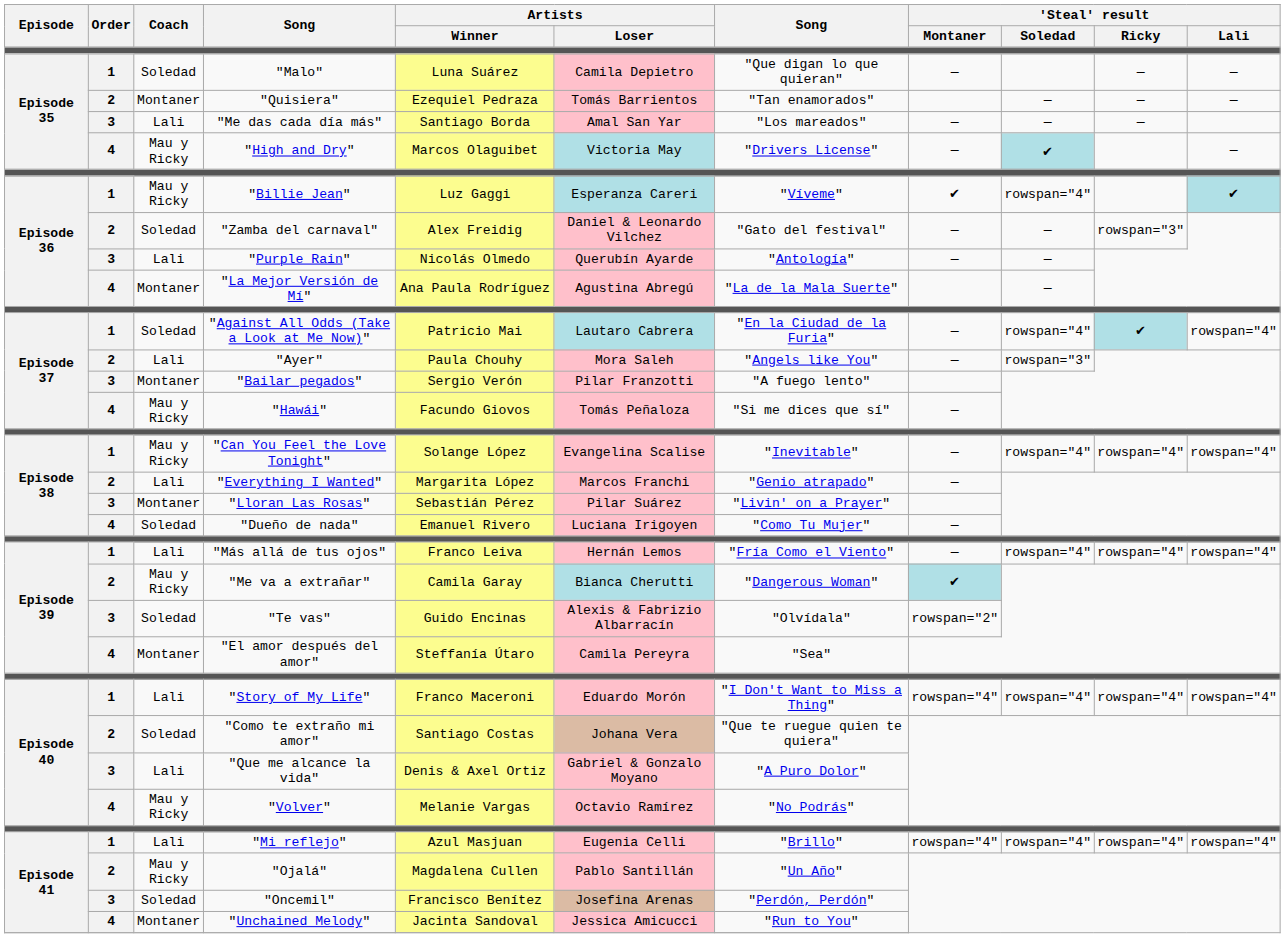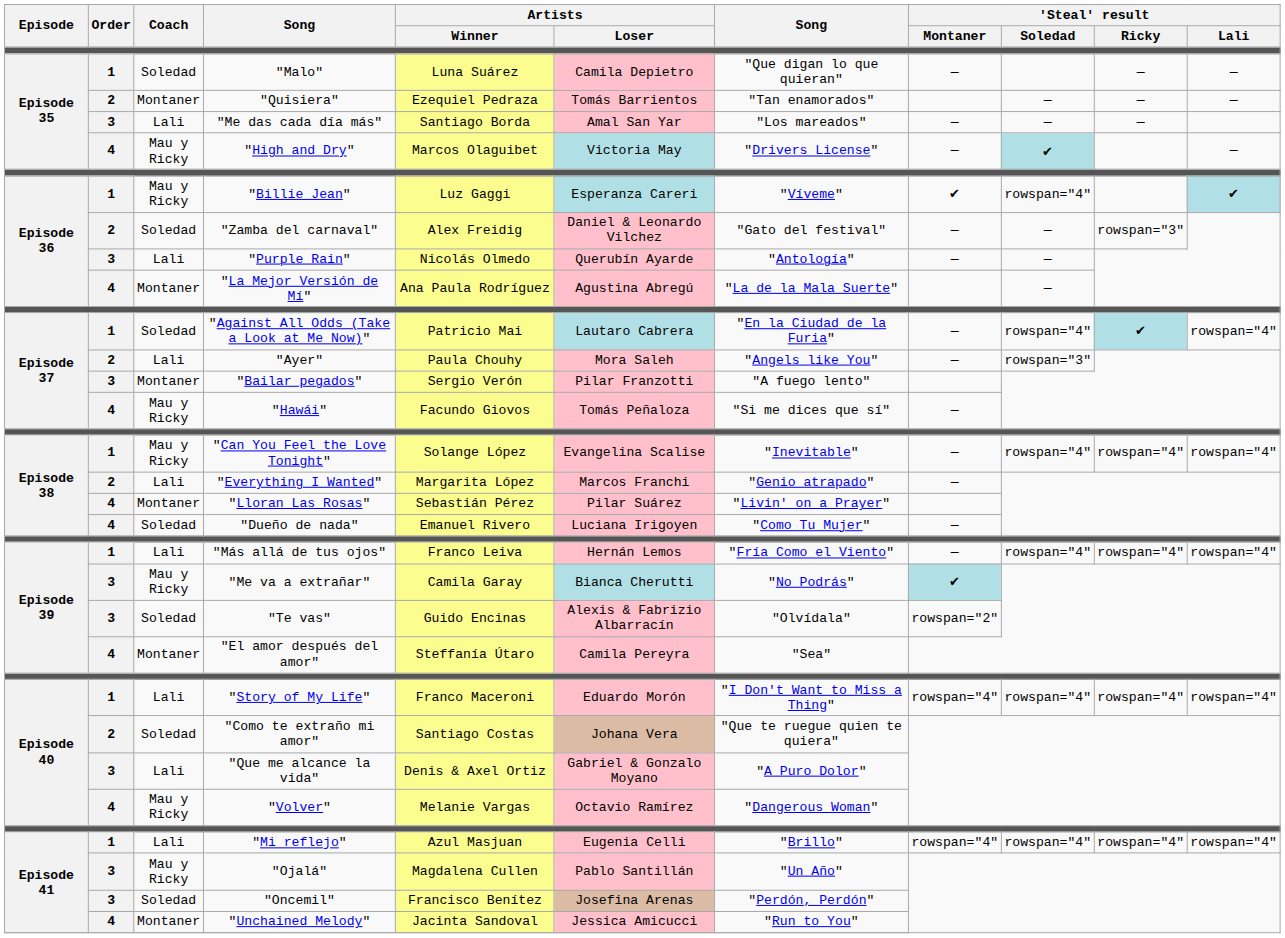 <table class="wikitable" style="text-align: center; width:100%">
 <tr>
 <th rowspan="2" style="width:07%">Episode</th>
 <th rowspan="2" style="width:03%">Order</th>
 <th rowspan="2" style="width:05%">Coach</th>
 <th rowspan="2" style="width:17%">Song</th>
 <th colspan="2" style="width:28%">Artists</th>
 <th rowspan="2" style="width:17%">Song</th>
 <th colspan="4" style="width:16%">'Steal' result</th>
 </tr>
 <tr>
 <th style="width:14%">Winner</th>
 <th style="width:14%">Loser</th>
 <th style="width:04%">Montaner</th>
 <th style="width:04%">Soledad</th>
 <th style="width:04%"> Ricky</th>
 <th style="width:04%">Lali</th>
 </tr>
 <tr>
 <td colspan="11" style="background:#555"></td>
 </tr>
 <tr>
 <th rowspan="4">Episode 35<br></th>
 <th>1</th>
 <td>Soledad</td>
 <td>"Malo"</td>
 <td style="background:#FCFD8F">Luna Suárez</td>
 <td style="background:pink">Camila Depietro</td>
 <td>"Que digan lo que quieran"</td>
 <td>—</td>
 <td></td>
 <td>—</td>
 <td>—</td>
 </tr>
 <tr>
 <th>2</th>
 <td>Montaner</td>
 <td>"Quisiera"</td>
 <td style="background:#FCFD8F">Ezequiel Pedraza</td>
 <td style="background:pink">Tomás Barrientos</td>
 <td>"Tan enamorados"</td>
 <td></td>
 <td>—</td>
 <td>—</td>
 <td>—</td>
 </tr>
 <tr>
 <th>3</th>
 <td>Lali</td>
 <td>"Me das cada día más"</td>
 <td style="background:#FCFD8F">Santiago Borda</td>
 <td style="background:pink">Amal San Yar</td>
 <td>"Los mareados"</td>
 <td>—</td>
 <td>—</td>
 <td>—</td>
 <td></td>
 </tr>
 <tr>
 <th>4</th>
 <td>Mau y Ricky</td>
 <td>"<a href='#'>High and Dry</a>"</td>
 <td style="background:#FCFD8F">Marcos Olaguibet</td>
 <td style="background:#b0e0e6">Victoria May</td>
 <td>"<a href='#'>Drivers License</a>"</td>
 <td>—</td>
 <td style="background:#b0e0e6">✔</td>
 <td></td>
 <td>—</td>
 </tr>
 <tr>
 <td colspan="11" style="background:#555"></td>
 </tr>
 <tr>
 <th rowspan="4">Episode 36<br> </th>
 <th>1</th>
 <td>Mau y Ricky</td>
 <td>"<a href='#'>Billie Jean</a>"</td>
 <td style="background:#FCFD8F">Luz Gaggi</td>
 <td style="background:#b0e0e6">Esperanza Careri</td>
 <td>"<a href='#'>Víveme</a>"</td>
 <td>✔</td>
 <td>rowspan="4" </td>
 <td></td>
 <td style="background:#b0e0e6">✔</td>
 </tr>
 <tr>
 <th>2</th>
 <td>Soledad</td>
 <td>"Zamba del carnaval"</td>
 <td style="background:#FCFD8F">Alex Freidig</td>
 <td style="background:pink">Daniel & Leonardo Vilchez</td>
 <td>"Gato del festival"</td>
 <td>—</td>
 <td>—</td>
 <td>rowspan="3" </td>
 </tr>
 <tr>
 <th>3</th>
 <td>Lali</td>
 <td>"<a href='#'>Purple Rain</a>"</td>
 <td style="background:#FCFD8F">Nicolás Olmedo</td>
 <td style="background:pink">Querubín Ayarde</td>
 <td>"<a href='#'>Antología</a>"</td>
 <td>—</td>
 <td>—</td>
 </tr>
 <tr>
 <th>4</th>
 <td>Montaner</td>
 <td>"<a href='#'>La Mejor Versión de Mí</a>"</td>
 <td style="background:#FCFD8F">Ana Paula Rodríguez</td>
 <td style="background:pink">Agustina Abregú</td>
 <td>"<a href='#'>La de la Mala Suerte</a>"</td>
 <td></td>
 <td>—</td>
 </tr>
 <tr>
 <td colspan="11" style="background:#555"></td>
 </tr>
 <tr>
 <th rowspan="4">Episode 37<br> </th>
 <th>1</th>
 <td>Soledad</td>
 <td>"<a href='#'>Against All Odds (Take a Look at Me Now)</a>"</td>
 <td style="background:#FCFD8F">Patricio Mai</td>
 <td style="background:#b0e0e6">Lautaro Cabrera</td>
 <td>"<a href='#'>En la Ciudad de la Furia</a>"</td>
 <td>—</td>
 <td>rowspan="4" </td>
 <td style="background:#b0e0e6">✔</td>
 <td>rowspan="4" </td>
 </tr>
 <tr>
 <th>2</th>
 <td>Lali</td>
 <td>"Ayer"</td>
 <td style="background:#FCFD8F">Paula Chouhy</td>
 <td style="background:pink">Mora Saleh</td>
 <td>"<a href='#'>Angels like You</a>"</td>
 <td>—</td>
 <td>rowspan="3" </td>
 </tr>
 <tr>
 <th>3</th>
 <td>Montaner</td>
 <td>"<a href='#'>Bailar pegados</a>"</td>
 <td style="background:#FCFD8F">Sergio Verón</td>
 <td style="background:pink">Pilar Franzotti</td>
 <td>"A fuego lento"</td>
 <td></td>
 </tr>
 <tr>
 <th>4</th>
 <td>Mau y Ricky</td>
 <td>"<a href='#'>Hawái</a>"</td>
 <td style="background:#FCFD8F">Facundo Giovos</td>
 <td style="background:pink">Tomás Peñaloza</td>
 <td>"Si me dices que sí"</td>
 <td>—</td>
 </tr>
 <tr>
 <td colspan="11" style="background:#555"></td>
 </tr>
 <tr>
 <th rowspan="4">Episode 38<br> </th>
 <th>1</th>
 <td>Mau y Ricky</td>
 <td>"<a href='#'>Can You Feel the Love Tonight</a>"</td>
 <td style="background:#FCFD8F">Solange López</td>
 <td style="background:pink">Evangelina Scalise</td>
 <td>"<a href='#'>Inevitable</a>"</td>
 <td>—</td>
 <td>rowspan="4" </td>
 <td>rowspan="4" </td>
 <td>rowspan="4" </td>
 </tr>
 <tr>
 <th>2</th>
 <td>Lali</td>
 <td>"<a href='#'>Everything I Wanted</a>"</td>
 <td style="background:#FCFD8F">Margarita López</td>
 <td style="background:pink">Marcos Franchi</td>
 <td>"<a href='#'>Genio atrapado</a>"</td>
 <td>—</td>
 </tr>
 <tr>
-<th>3</th>
+<th>4</th>
 <td>Montaner</td>
 <td>"<a href='#'>Lloran Las Rosas</a>"</td>
 <td style="background:#FCFD8F">Sebastián Pérez</td>
 <td style="background:pink">Pilar Suárez</td>
 <td>"<a href='#'>Livin' on a Prayer</a>"</td>
 <td></td>
 </tr>
 <tr>
 <th>4</th>
 <td>Soledad</td>
 <td>"Dueño de nada"</td>
 <td style="background:#FCFD8F">Emanuel Rivero</td>
 <td style="background:pink">Luciana Irigoyen</td>
 <td>"<a href='#'>Como Tu Mujer</a>"</td>
 <td>—</td>
 </tr>
 <tr>
 <td colspan="11" style="background:#555"></td>
 </tr>
 <tr>
 <th rowspan="4">Episode 39<br> </th>
 <th>1</th>
 <td>Lali</td>
 <td>"Más allá de tus ojos"</td>
 <td style="background:#FCFD8F">Franco Leiva</td>
 <td style="background:pink">Hernán Lemos</td>
 <td>"<a href='#'>Fría Como el Viento</a>"</td>
 <td>—</td>
 <td>rowspan="4" </td>
 <td>rowspan="4" </td>
 <td>rowspan="4" </td>
 </tr>
 <tr>
-<th>2</th>
+<th>3</th>
 <td>Mau y Ricky</td>
 <td>"Me va a extrañar"</td>
 <td style="background:#FCFD8F">Camila Garay</td>
 <td style="background:#b0e0e6">Bianca Cherutti</td>
-<td>"<a href='#'>Dangerous Woman</a>"</td>
+<td>"<a href='#'>No Podrás</a>"</td>
 <td style="background:#b0e0e6">✔</td>
 </tr>
 <tr>
 <th>3</th>
 <td>Soledad</td>
 <td>"Te vas"</td>
 <td style="background:#FCFD8F">Guido Encinas</td>
 <td style="background:pink">Alexis & Fabrizio Albarracín</td>
 <td>"Olvídala"</td>
 <td>rowspan="2" </td>
 </tr>
 <tr>
 <th>4</th>
 <td>Montaner</td>
 <td>"El amor después del amor"</td>
 <td style="background:#FCFD8F">Steffanía Útaro</td>
 <td style="background:pink">Camila Pereyra</td>
 <td>"Sea"</td>
 </tr>
 <tr>
 <td colspan="11" style="background:#555"></td>
 </tr>
 <tr>
 <th rowspan="4">Episode 40<br> </th>
 <th>1</th>
 <td>Lali</td>
 <td>"<a href='#'>Story of My Life</a>"</td>
 <td style="background:#FCFD8F">Franco Maceroni</td>
 <td style="background:pink">Eduardo Morón</td>
 <td>"<a href='#'>I Don't Want to Miss a Thing</a>"</td>
 <td>rowspan="4" </td>
 <td>rowspan="4" </td>
 <td>rowspan="4" </td>
 <td>rowspan="4" </td>
 </tr>
 <tr>
 <th>2</th>
 <td>Soledad</td>
 <td>"Como te extraño mi amor"</td>
 <td style="background:#FCFD8F">Santiago Costas</td>
 <td style="background:#dbbba4">Johana Vera</td>
 <td>"Que te ruegue quien te quiera"</td>
 </tr>
 <tr>
 <th>3</th>
 <td>Lali</td>
 <td>"Que me alcance la vida"</td>
 <td style="background:#FCFD8F">Denis & Axel Ortiz</td>
 <td style="background:pink">Gabriel & Gonzalo Moyano</td>
 <td>"<a href='#'>A Puro Dolor</a>"</td>
 </tr>
 <tr>
 <th>4</th>
 <td>Mau y Ricky</td>
 <td>"<a href='#'>Volver</a>"</td>
 <td style="background:#FCFD8F">Melanie Vargas</td>
 <td style="background:pink">Octavio Ramírez</td>
-<td>"<a href='#'>No Podrás</a>"</td>
+<td>"<a href='#'>Dangerous Woman</a>"</td>
 </tr>
 <tr>
 <td colspan="11" style="background:#555"></td>
 </tr>
 <tr>
 <th rowspan="4">Episode 41<br> </th>
 <th>1</th>
 <td>Lali</td>
 <td>"<a href='#'>Mi reflejo</a>"</td>
 <td style="background:#FCFD8F">Azul Masjuan</td>
 <td style="background:pink">Eugenia Celli</td>
 <td>"<a href='#'>Brillo</a>"</td>
 <td>rowspan="4" </td>
 <td>rowspan="4" </td>
 <td>rowspan="4" </td>
 <td>rowspan="4" </td>
 </tr>
 <tr>
-<th>2</th>
+<th>3</th>
 <td>Mau y Ricky</td>
 <td>"Ojalá"</td>
 <td style="background:#FCFD8F">Magdalena Cullen</td>
 <td style="background:pink">Pablo Santillán</td>
 <td>"<a href='#'>Un Año</a>"</td>
 </tr>
 <tr>
 <th>3</th>
 <td>Soledad</td>
 <td>"Oncemil"</td>
 <td style="background:#FCFD8F">Francisco Benítez</td>
 <td style="background:#dbbba4">Josefina Arenas</td>
 <td>"<a href='#'>Perdón, Perdón</a>"</td>
 </tr>
 <tr>
 <th>4</th>
 <td>Montaner</td>
 <td>"<a href='#'>Unchained Melody</a>"</td>
 <td style="background:#FCFD8F">Jacinta Sandoval</td>
 <td style="background:pink">Jessica Amicucci</td>
 <td>"<a href='#'>Run to You</a>"</td>
 </tr>
 <tr>
 </tr>
 </table>
